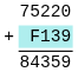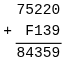 <table>
 <tr>
 <td> </td>
 <td style="text-align: right;">75220</td>
 </tr>
 <tr>
 <td>+</td>
-<td style="background: paleturquoise; text-align: right;">F139</td>
+<td style="text-align: right;">F139</td>
 </tr>
 <tr>
 <td> </td>
 <td style="text-align: right; border-top: 1px solid black;">84359</td>
 </tr>
 </table>
